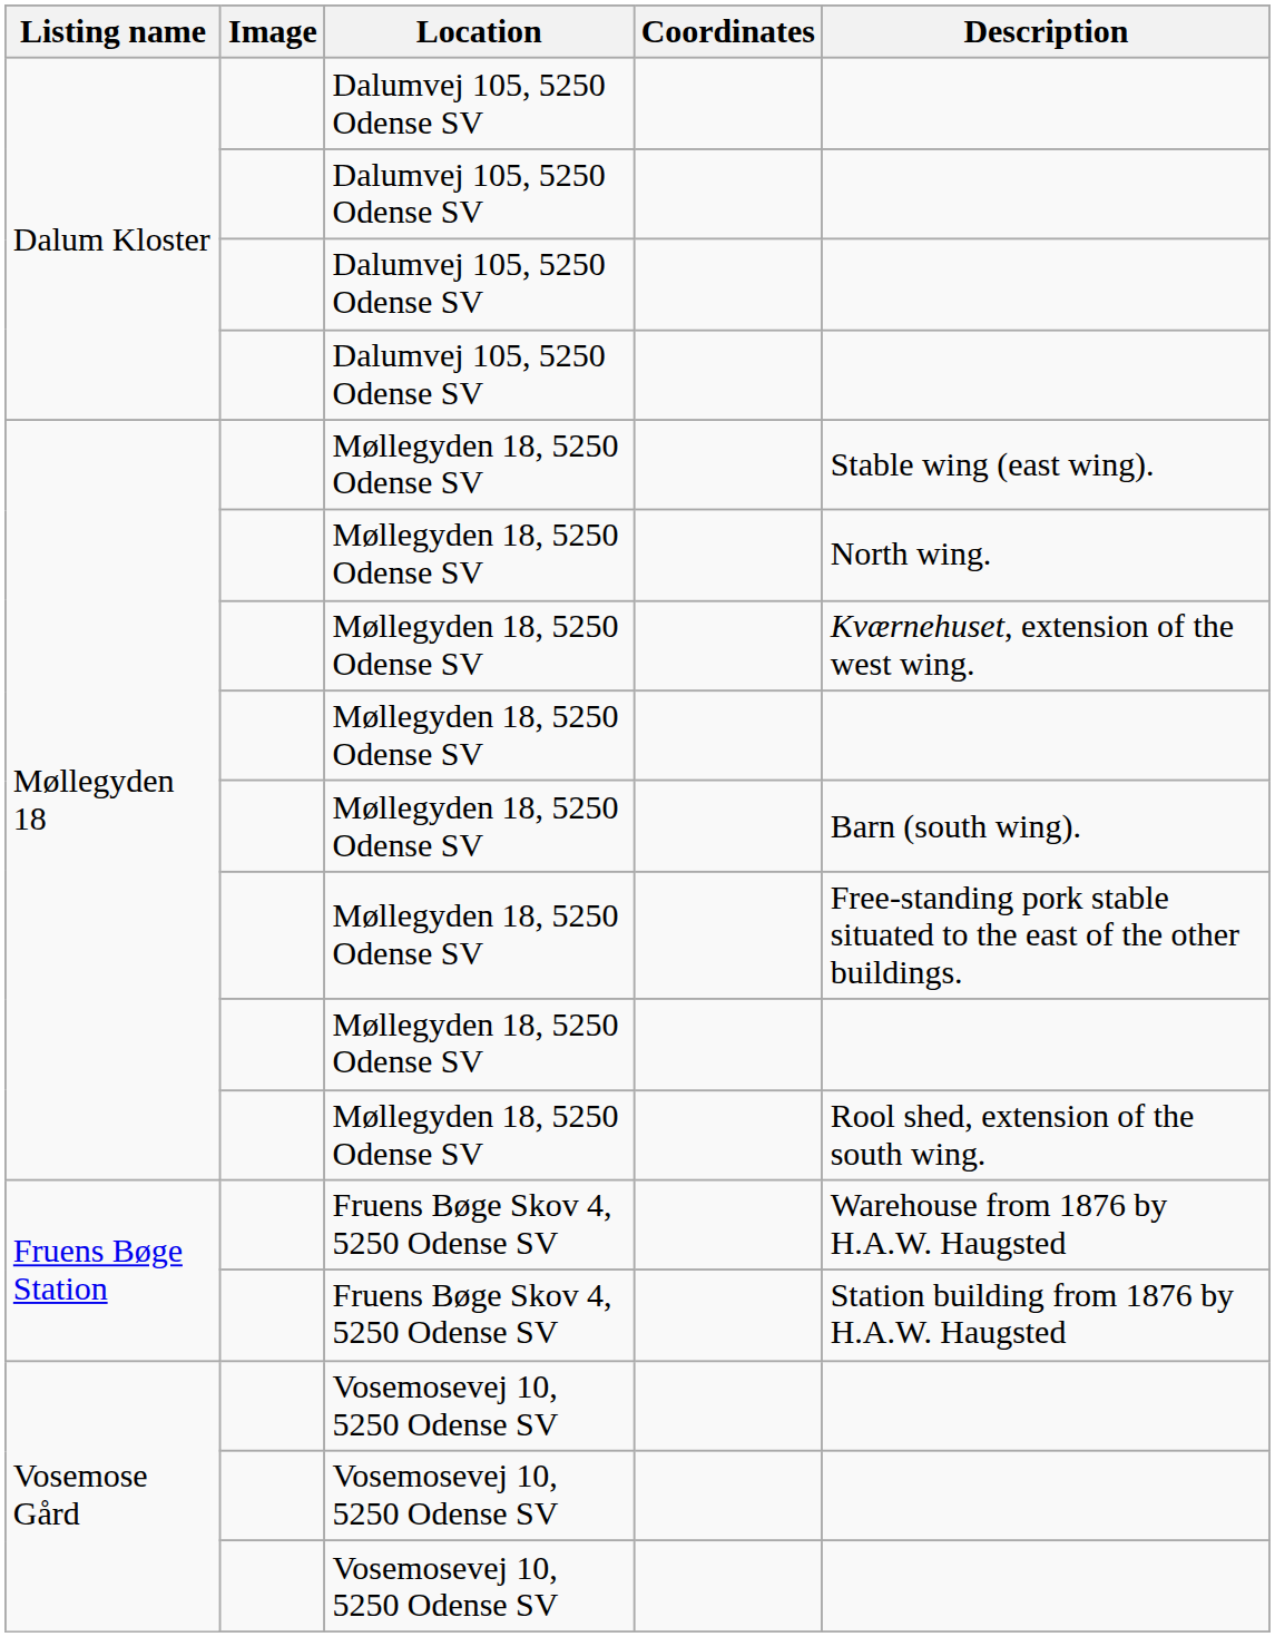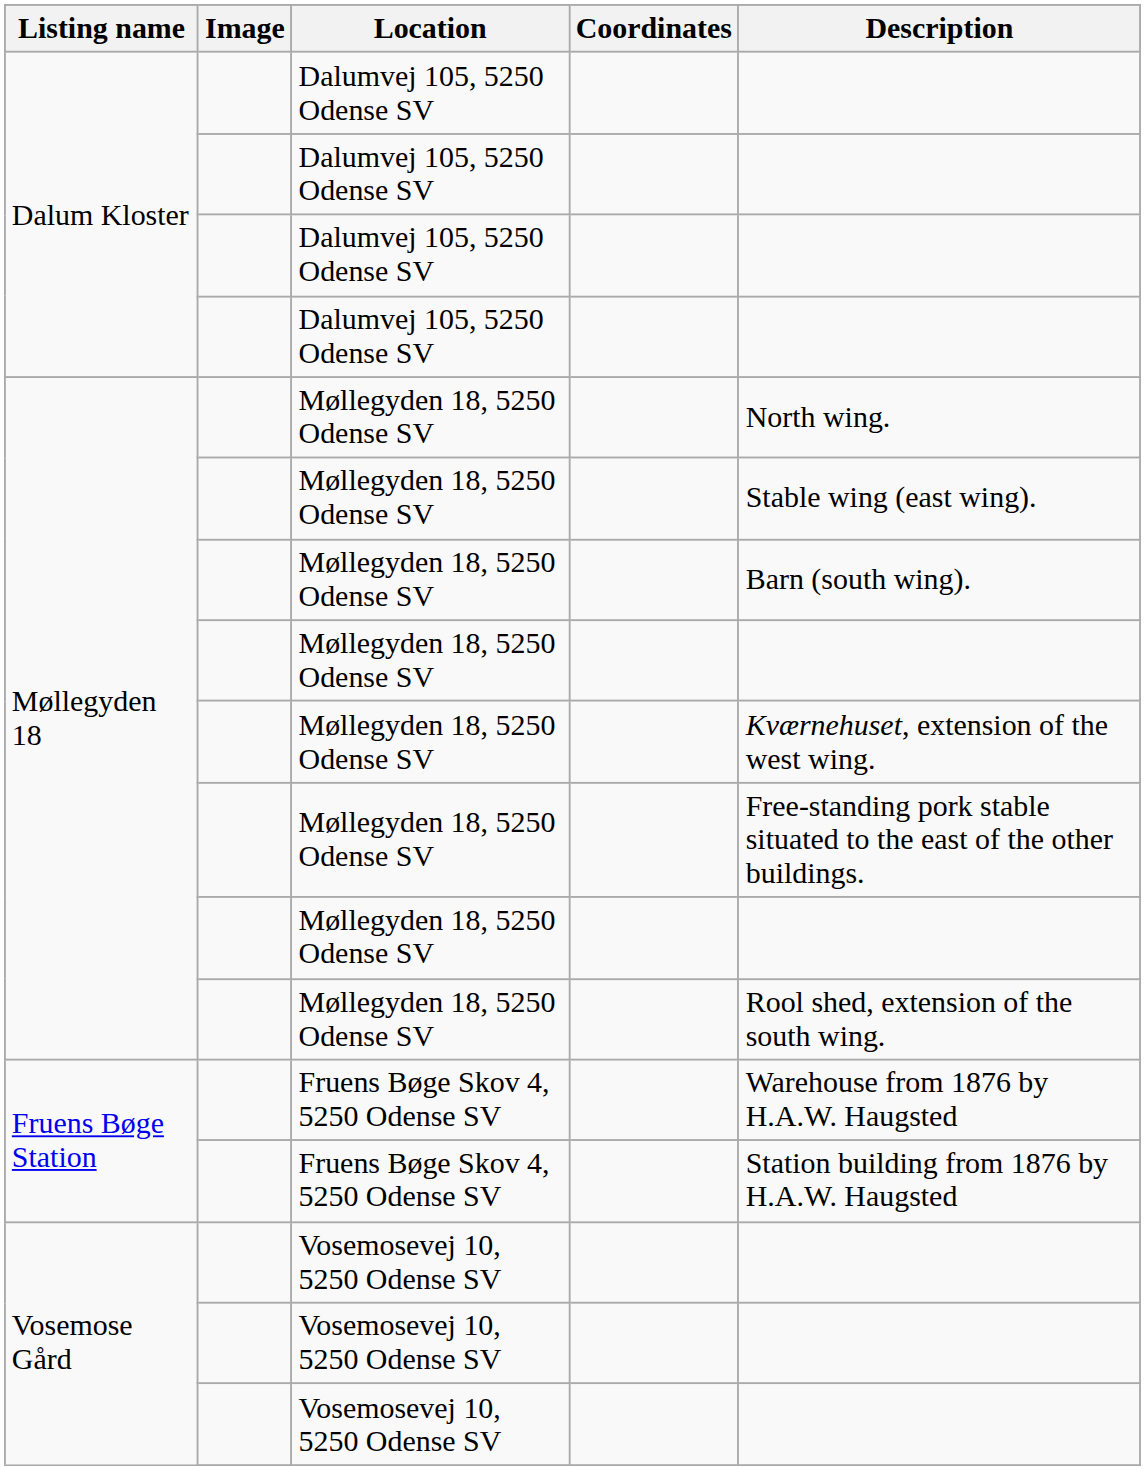 <table class="wikitable sortable">
 <tr>
 <th>Listing name</th>
 <th>Image</th>
 <th>Location</th>
 <th>Coordinates</th>
 <th>Description</th>
 </tr>
 <tr>
 <td rowspan="4">Dalum Kloster</td>
 <td></td>
 <td>Dalumvej 105, 5250 Odense SV</td>
 <td></td>
 <td></td>
 </tr>
 <tr>
 <td></td>
 <td>Dalumvej 105, 5250 Odense SV</td>
 <td></td>
 <td></td>
 </tr>
 <tr>
 <td></td>
 <td>Dalumvej 105, 5250 Odense SV</td>
 <td></td>
 <td></td>
 </tr>
 <tr>
 <td></td>
 <td>Dalumvej 105, 5250 Odense SV</td>
 <td></td>
 <td></td>
 </tr>
 <tr>
 <td rowspan="8">Møllegyden 18</td>
 <td></td>
 <td>Møllegyden 18, 5250 Odense SV</td>
 <td></td>
+<td>North wing.</td>
+</tr>
+<tr>
+<td></td>
+<td>Møllegyden 18, 5250 Odense SV</td>
+<td></td>
 <td>Stable wing (east wing).</td>
 </tr>
 <tr>
 <td></td>
 <td>Møllegyden 18, 5250 Odense SV</td>
 <td></td>
-<td>North wing.</td>
-</tr>
-<tr>
-<td></td>
-<td>Møllegyden 18, 5250 Odense SV</td>
-<td></td>
-<td><em>Kværnehuset</em>, extension of the west wing.</td>
+<td>Barn (south wing).</td>
 </tr>
 <tr>
 <td></td>
 <td>Møllegyden 18, 5250 Odense SV</td>
 <td></td>
 <td></td>
 </tr>
 <tr>
 <td></td>
 <td>Møllegyden 18, 5250 Odense SV</td>
 <td></td>
-<td>Barn (south wing).</td>
+<td><em>Kværnehuset</em>, extension of the west wing.</td>
 </tr>
 <tr>
 <td></td>
 <td>Møllegyden 18, 5250 Odense SV</td>
 <td></td>
 <td>Free-standing pork stable situated to the east of the other buildings.</td>
 </tr>
 <tr>
 <td></td>
 <td>Møllegyden 18, 5250 Odense SV</td>
 <td></td>
 <td></td>
 </tr>
 <tr>
 <td></td>
 <td>Møllegyden 18, 5250 Odense SV</td>
 <td></td>
 <td>Rool shed, extension of the south wing.</td>
 </tr>
 <tr>
 <td rowspan="2"><a href='#'>Fruens Bøge Station</a></td>
 <td></td>
 <td>Fruens Bøge Skov 4, 5250 Odense SV</td>
 <td></td>
 <td>Warehouse from 1876 by H.A.W. Haugsted</td>
 </tr>
 <tr>
 <td></td>
 <td>Fruens Bøge Skov 4, 5250 Odense SV</td>
 <td></td>
 <td>Station building from 1876 by H.A.W. Haugsted</td>
 </tr>
 <tr>
 <td rowspan="6">Vosemose Gård</td>
 <td></td>
 <td>Vosemosevej 10, 5250 Odense SV</td>
 <td></td>
 <td></td>
 </tr>
 <tr>
 <td></td>
 <td>Vosemosevej 10, 5250 Odense SV</td>
 <td></td>
 <td></td>
 </tr>
 <tr>
 <td></td>
 <td>Vosemosevej 10, 5250 Odense SV</td>
 <td></td>
 <td></td>
 </tr>
 <tr>
 </tr>
 </table>
